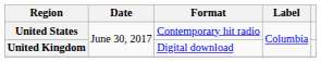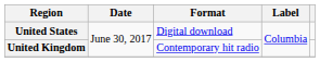 <table class="wikitable plainrowheaders">
 <tr>
 <th scope="col">Region</th>
 <th scope="col">Date</th>
 <th scope="col">Format</th>
 <th scope="col">Label</th>
 <th scope="col" colspan="2"></th>
 </tr>
 <tr>
 <th scope="row">United States</th>
 <td rowspan="2">June 30, 2017</td>
-<td><a href='#'>Contemporary hit radio</a></td>
+<td rowspan="1"><a href='#'>Digital download</a></td>
 <td rowspan="2"><a href='#'>Columbia</a></td>
 <td></td>
 </tr>
 <tr>
 <th scope="row">United Kingdom</th>
-<td rowspan="1"><a href='#'>Digital download</a></td>
+<td><a href='#'>Contemporary hit radio</a></td>
 <td></td>
 </tr>
 <tr>
 </tr>
 </table>
